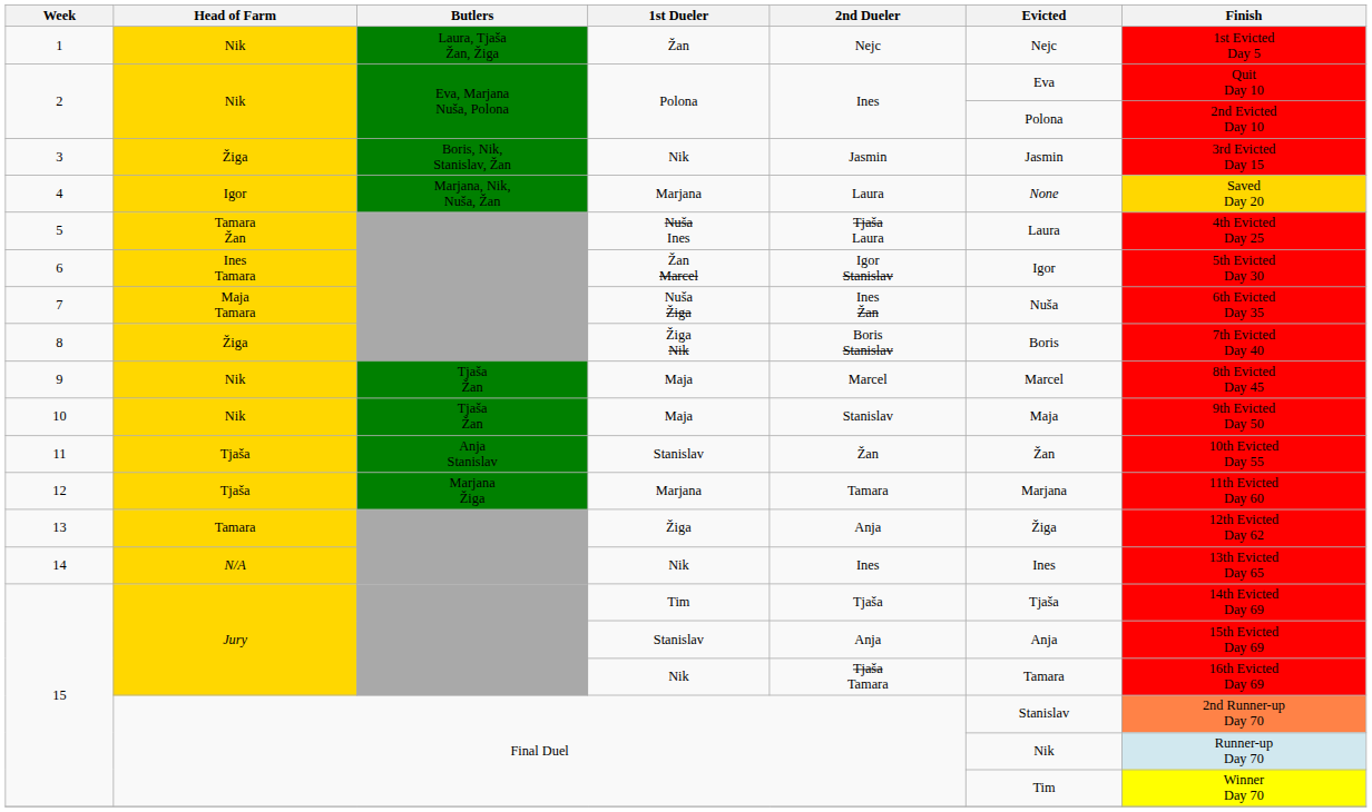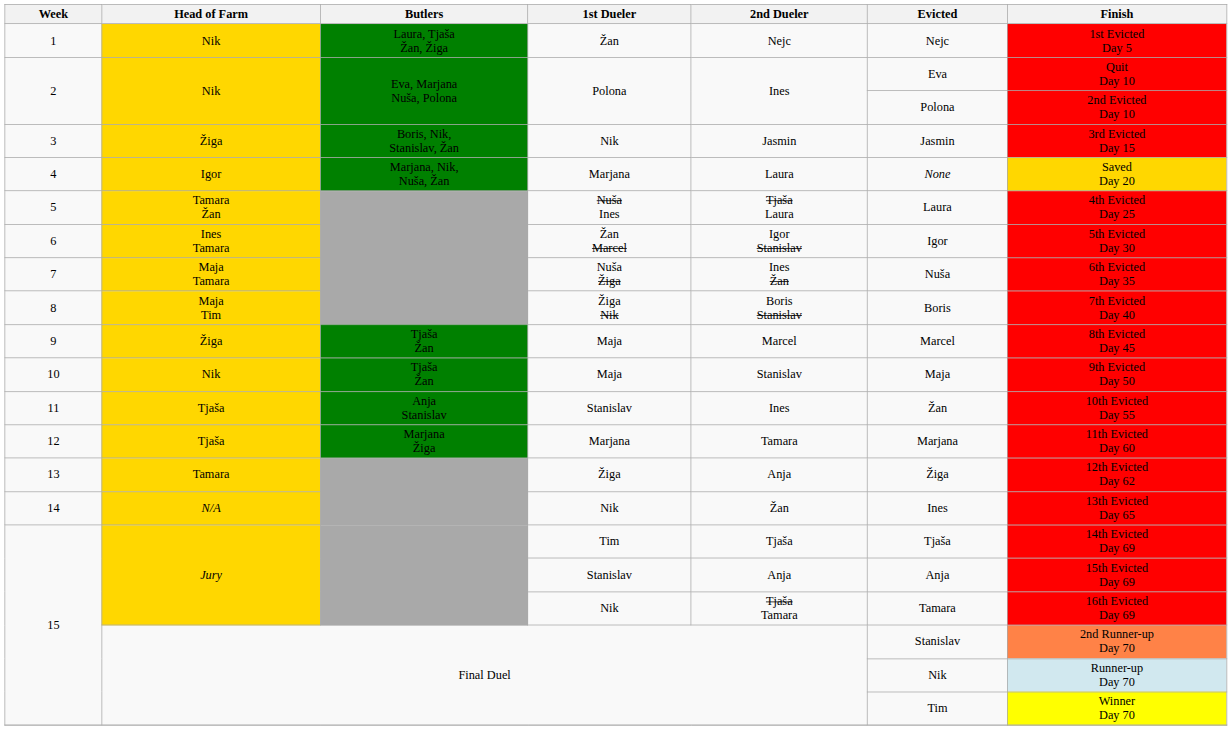 <table class="wikitable" style="font-size:100%; text-align:center; width: 80%; margin-left: auto; margin-right: auto;">
 <tr>
 <th>Week</th>
 <th>Head of Farm</th>
 <th>Butlers</th>
 <th>1st Dueler</th>
 <th>2nd Dueler</th>
 <th>Evicted</th>
 <th>Finish</th>
 </tr>
 <tr>
 <td>1</td>
 <td style="background:gold;">Nik</td>
 <td style="background:green;">Laura, Tjaša<br>Žan, Žiga</td>
 <td>Žan</td>
 <td>Nejc</td>
 <td>Nejc</td>
 <td style="background:#ff0000">1st Evicted<br>Day 5</td>
 </tr>
 <tr>
 <td rowspan="2">2</td>
 <td rowspan="2" style="background:gold;">Nik</td>
 <td rowspan="2" style="background:green;">Eva, Marjana<br>Nuša, Polona</td>
 <td rowspan="2">Polona</td>
 <td rowspan="2">Ines</td>
 <td rowspan="1">Eva</td>
 <td rowspan="1" style="background:#ff0000">Quit<br>Day 10</td>
 </tr>
 <tr>
 <td rowspan="1">Polona</td>
 <td rowspan="1" style="background:#ff0000">2nd Evicted<br>Day 10</td>
 </tr>
 <tr>
 <td>3</td>
 <td style="background:gold;">Žiga</td>
 <td style="background:green;">Boris, Nik,<br>Stanislav, Žan</td>
 <td>Nik</td>
 <td>Jasmin</td>
 <td>Jasmin</td>
 <td style="background:#ff0000">3rd Evicted<br>Day 15</td>
 </tr>
 <tr>
 <td>4</td>
 <td style="background:gold;">Igor</td>
 <td style="background:green;">Marjana, Nik,<br>Nuša, Žan</td>
 <td>Marjana</td>
 <td>Laura</td>
 <td><em>None</em></td>
 <td style="background:gold">Saved<br>Day 20</td>
 </tr>
 <tr>
 <td>5</td>
 <td style="background:gold;">Tamara<br>Žan</td>
 <td rowspan="4" bgcolor="darkgrey"></td>
 <td><s>Nuša</s><br>Ines</td>
 <td><s>Tjaša</s><br>Laura</td>
 <td>Laura</td>
 <td style="background:#ff0000">4th Evicted<br>Day 25</td>
 </tr>
 <tr>
 <td>6</td>
 <td style="background:gold;">Ines<br>Tamara</td>
 <td>Žan<br><s>Marcel</s></td>
 <td>Igor<br><s>Stanislav</s></td>
 <td>Igor</td>
 <td style="background:#ff0000">5th Evicted<br>Day 30</td>
 </tr>
 <tr>
 <td>7</td>
 <td style="background:gold;">Maja<br>Tamara</td>
 <td>Nuša<br><s>Žiga</s></td>
 <td>Ines<br><s>Žan</s></td>
 <td>Nuša</td>
 <td style="background:#ff0000">6th Evicted<br>Day 35</td>
 </tr>
 <tr>
 <td>8</td>
-<td style="background:gold;">Žiga</td>
+<td style="background:gold;">Maja<br>Tim</td>
 <td>Žiga<br><s>Nik</s></td>
 <td>Boris<br><s>Stanislav</s></td>
 <td>Boris</td>
 <td style="background:#ff0000">7th Evicted<br>Day 40</td>
 </tr>
 <tr>
 <td>9</td>
-<td style="background:gold;">Nik</td>
+<td style="background:gold;">Žiga</td>
 <td style="background:green;">Tjaša<br>Žan</td>
 <td>Maja</td>
 <td>Marcel</td>
 <td>Marcel</td>
 <td style="background:#ff0000">8th Evicted<br>Day 45</td>
 </tr>
 <tr>
 <td>10</td>
 <td style="background:gold;">Nik</td>
 <td style="background:green;">Tjaša<br>Žan</td>
 <td>Maja</td>
 <td>Stanislav</td>
 <td>Maja</td>
 <td style="background:#ff0000">9th Evicted<br>Day 50</td>
 </tr>
 <tr>
 <td>11</td>
 <td style="background:gold;">Tjaša</td>
 <td style="background:green;">Anja<br>Stanislav</td>
 <td>Stanislav</td>
-<td>Žan</td>
+<td>Ines</td>
 <td>Žan</td>
 <td style="background:#ff0000">10th Evicted<br>Day 55</td>
 </tr>
 <tr>
 <td>12</td>
 <td style="background:gold;">Tjaša</td>
 <td style="background:green;">Marjana<br>Žiga</td>
 <td>Marjana</td>
 <td>Tamara</td>
 <td>Marjana</td>
 <td style="background:#ff0000">11th Evicted<br>Day 60</td>
 </tr>
 <tr>
 <td>13</td>
 <td style="background:gold;">Tamara</td>
 <td rowspan="2" bgcolor="darkgrey"></td>
 <td>Žiga</td>
 <td>Anja</td>
 <td>Žiga</td>
 <td style="background:#ff0000">12th Evicted<br>Day 62</td>
 </tr>
 <tr>
 <td>14</td>
 <td style="background:gold;"><em>N/A</em></td>
 <td>Nik</td>
-<td>Ines</td>
+<td>Žan</td>
 <td>Ines</td>
 <td style="background:#ff0000">13th Evicted<br>Day 65</td>
 </tr>
 <tr>
 <td rowspan="6">15</td>
 <td rowspan="3" style="background:gold;"><em>Jury</em></td>
 <td rowspan="3" bgcolor="darkgrey"></td>
 <td rowspan="1">Tim</td>
 <td rowspan="1">Tjaša</td>
 <td rowspan="1">Tjaša</td>
 <td rowspan="1" style="background:#ff0000">14th Evicted<br>Day 69</td>
 </tr>
 <tr>
 <td rowspan="1">Stanislav</td>
 <td rowspan="1">Anja</td>
 <td rowspan="1">Anja</td>
 <td rowspan="1" style="background:#ff0000">15th Evicted<br>Day 69</td>
 </tr>
 <tr>
 <td rowspan="1">Nik</td>
 <td rowspan="1"><s>Tjaša</s><br>Tamara</td>
 <td rowspan="1">Tamara</td>
 <td rowspan="1" style="background:#ff0000">16th Evicted<br>Day 69</td>
 </tr>
 <tr>
 <td colspan="4" rowspan="3">Final Duel</td>
 <td rowspan="1">Stanislav</td>
 <td rowspan="1" style="background:#FF8247;">2nd Runner-up<br>Day 70</td>
 </tr>
 <tr>
 <td rowspan="1">Nik</td>
 <td rowspan="1" style="background:#D1E8EF">Runner-up<br>Day 70</td>
 </tr>
 <tr>
 <td rowspan="1">Tim</td>
 <td rowspan="1" style="background:yellow">Winner<br>Day 70</td>
 </tr>
 <tr>
 </tr>
 </table>
